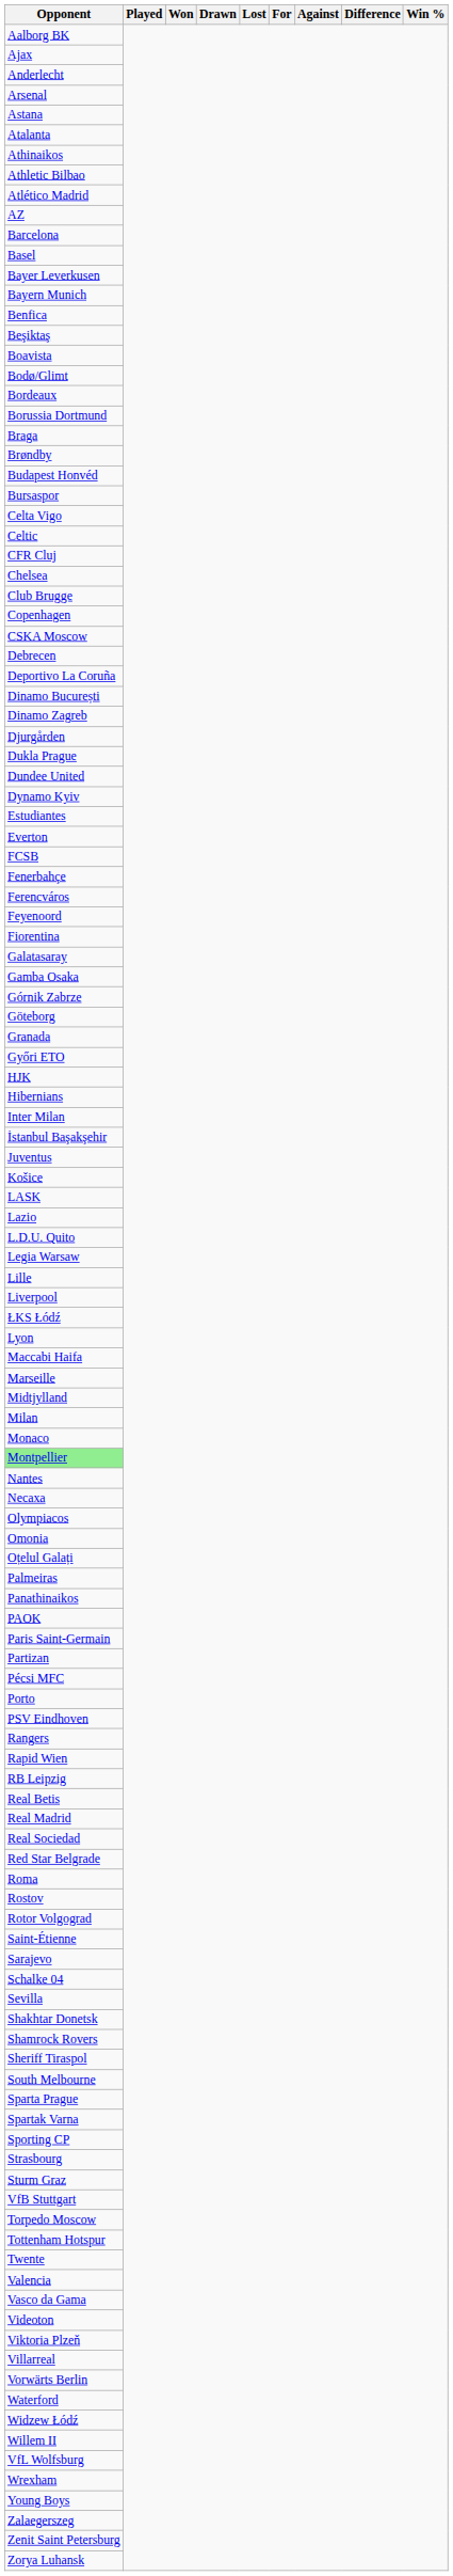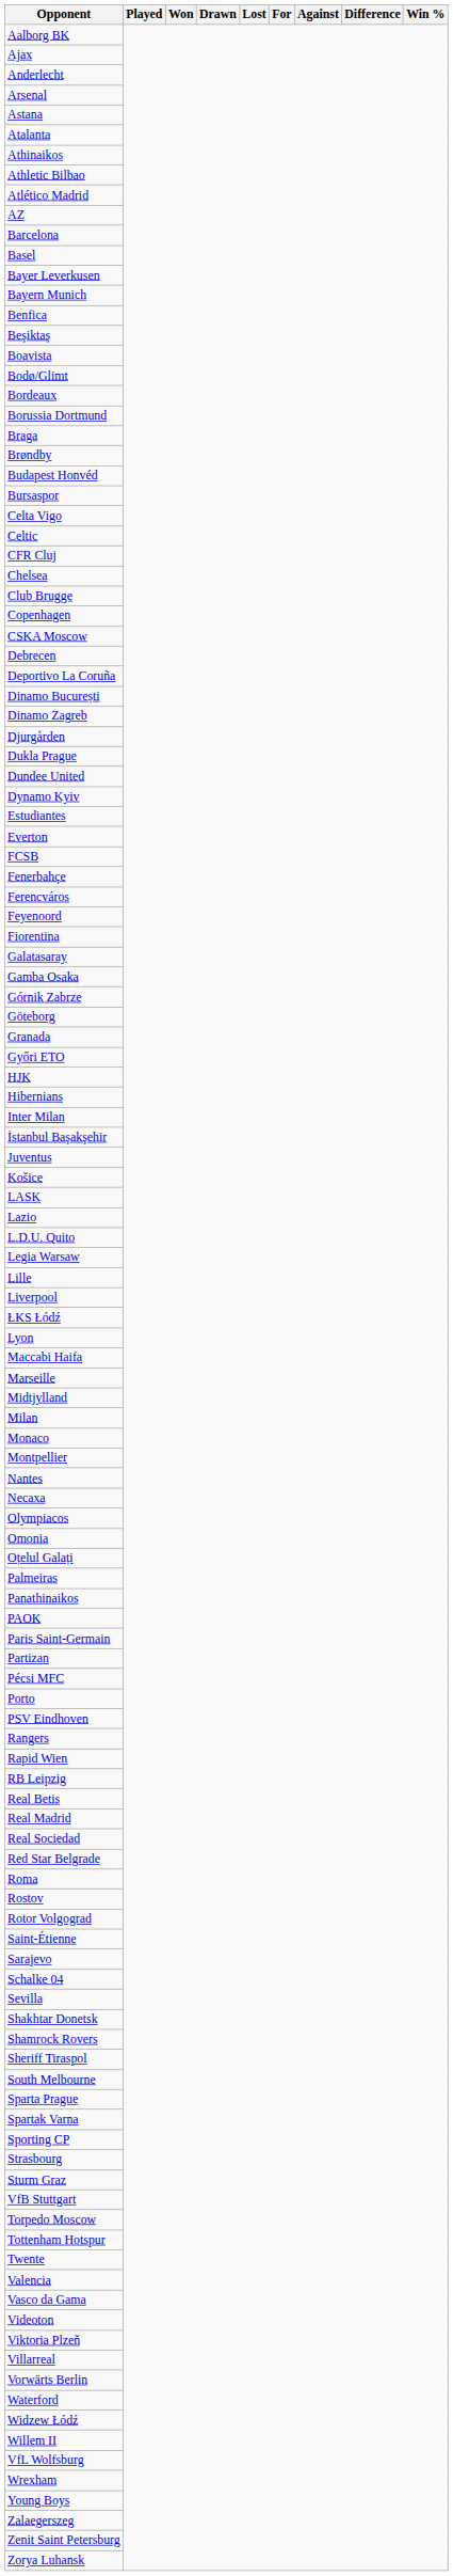 <table class="wikitable sortable" style="text-align:center">
 <tr>
 <th>Opponent</th>
 <th>Played</th>
 <th>Won</th>
 <th>Drawn</th>
 <th>Lost</th>
 <th>For</th>
 <th>Against</th>
 <th>Difference</th>
 <th>Win %</th>
 </tr>
 <tr>
 <td style="text-align:left"> <a href='#'>Aalborg BK</a><br></td>
 </tr>
 <tr>
 <td style="text-align:left"> <a href='#'>Ajax</a><br></td>
 </tr>
 <tr>
 <td style="text-align:left"> <a href='#'>Anderlecht</a><br></td>
 </tr>
 <tr>
 <td style="text-align:left"> <a href='#'>Arsenal</a><br></td>
 </tr>
 <tr>
 <td style="text-align:left"> <a href='#'>Astana</a><br></td>
 </tr>
 <tr>
 <td style="text-align:left"> <a href='#'>Atalanta</a><br></td>
 </tr>
 <tr>
 <td style="text-align:left"> <a href='#'>Athinaikos</a><br></td>
 </tr>
 <tr>
 <td style="text-align:left"> <a href='#'>Athletic Bilbao</a><br></td>
 </tr>
 <tr>
 <td style="text-align:left"> <a href='#'>Atlético Madrid</a><br></td>
 </tr>
 <tr>
 <td style="text-align:left"> <a href='#'>AZ</a><br></td>
 </tr>
 <tr>
 <td style="text-align:left"> <a href='#'>Barcelona</a><br></td>
 </tr>
 <tr>
 <td style="text-align:left"> <a href='#'>Basel</a><br></td>
 </tr>
 <tr>
 <td style="text-align:left"> <a href='#'>Bayer Leverkusen</a><br></td>
 </tr>
 <tr>
 <td style="text-align:left"> <a href='#'>Bayern Munich</a><br></td>
 </tr>
 <tr>
 <td style="text-align:left"> <a href='#'>Benfica</a><br></td>
 </tr>
 <tr>
 <td style="text-align:left"> <a href='#'>Beşiktaş</a><br></td>
 </tr>
 <tr>
 <td style="text-align:left"> <a href='#'>Boavista</a><br></td>
 </tr>
 <tr>
 <td style="text-align:left"> <a href='#'>Bodø/Glimt</a><br></td>
 </tr>
 <tr>
 <td style="text-align:left"> <a href='#'>Bordeaux</a><br></td>
 </tr>
 <tr>
 <td style="text-align:left"> <a href='#'>Borussia Dortmund</a><br></td>
 </tr>
 <tr>
 <td style="text-align:left"> <a href='#'>Braga</a><br></td>
 </tr>
 <tr>
 <td style="text-align:left"> <a href='#'>Brøndby</a><br></td>
 </tr>
 <tr>
 <td style="text-align:left"> <a href='#'>Budapest Honvéd</a><br></td>
 </tr>
 <tr>
 <td style="text-align:left"> <a href='#'>Bursaspor</a><br></td>
 </tr>
 <tr>
 <td style="text-align:left"> <a href='#'>Celta Vigo</a><br></td>
 </tr>
 <tr>
 <td style="text-align:left"> <a href='#'>Celtic</a><br></td>
 </tr>
 <tr>
 <td style="text-align:left"> <a href='#'>CFR Cluj</a><br></td>
 </tr>
 <tr>
 <td style="text-align:left"> <a href='#'>Chelsea</a><br></td>
 </tr>
 <tr>
 <td style="text-align:left"> <a href='#'>Club Brugge</a><br></td>
 </tr>
 <tr>
 <td style="text-align:left"> <a href='#'>Copenhagen</a><br></td>
 </tr>
 <tr>
 <td style="text-align:left"> <a href='#'>CSKA Moscow</a><br></td>
 </tr>
 <tr>
 <td style="text-align:left"> <a href='#'>Debrecen</a><br></td>
 </tr>
 <tr>
 <td style="text-align:left"> <a href='#'>Deportivo La Coruña</a><br></td>
 </tr>
 <tr>
 <td style="text-align:left"> <a href='#'>Dinamo București</a><br></td>
 </tr>
 <tr>
 <td style="text-align:left"> <a href='#'>Dinamo Zagreb</a><br></td>
 </tr>
 <tr>
 <td style="text-align:left"> <a href='#'>Djurgården</a><br></td>
 </tr>
 <tr>
 <td style="text-align:left"> <a href='#'>Dukla Prague</a><br></td>
 </tr>
 <tr>
 <td style="text-align:left"> <a href='#'>Dundee United</a><br></td>
 </tr>
 <tr>
 <td style="text-align:left"> <a href='#'>Dynamo Kyiv</a><br></td>
 </tr>
 <tr>
 <td style="text-align:left"> <a href='#'>Estudiantes</a><br></td>
 </tr>
 <tr>
 <td style="text-align:left"> <a href='#'>Everton</a><br></td>
 </tr>
 <tr>
 <td style="text-align:left"> <a href='#'>FCSB</a><br></td>
 </tr>
 <tr>
 <td style="text-align:left"> <a href='#'>Fenerbahçe</a><br></td>
 </tr>
 <tr>
 <td style="text-align:left"> <a href='#'>Ferencváros</a><br></td>
 </tr>
 <tr>
 <td style="text-align:left"> <a href='#'>Feyenoord</a><br></td>
 </tr>
 <tr>
 <td style="text-align:left"> <a href='#'>Fiorentina</a><br></td>
 </tr>
 <tr>
 <td style="text-align:left"> <a href='#'>Galatasaray</a><br></td>
 </tr>
 <tr>
 <td style="text-align:left"> <a href='#'>Gamba Osaka</a><br></td>
 </tr>
 <tr>
 <td style="text-align:left"> <a href='#'>Górnik Zabrze</a><br></td>
 </tr>
 <tr>
 <td style="text-align:left"> <a href='#'>Göteborg</a><br></td>
 </tr>
 <tr>
 <td style="text-align:left"> <a href='#'>Granada</a><br></td>
 </tr>
 <tr>
 <td style="text-align:left"> <a href='#'>Győri ETO</a><br></td>
 </tr>
 <tr>
 <td style="text-align:left"> <a href='#'>HJK</a><br></td>
 </tr>
 <tr>
 <td style="text-align:left"> <a href='#'>Hibernians</a><br></td>
 </tr>
 <tr>
 <td style="text-align:left"> <a href='#'>Inter Milan</a><br></td>
 </tr>
 <tr>
 <td style="text-align:left"> <a href='#'>İstanbul Başakşehir</a><br></td>
 </tr>
 <tr>
 <td style="text-align:left"> <a href='#'>Juventus</a><br></td>
 </tr>
 <tr>
 <td style="text-align:left"> <a href='#'>Košice</a><br></td>
 </tr>
 <tr>
 <td style="text-align:left"> <a href='#'>LASK</a><br></td>
 </tr>
 <tr>
 <td style="text-align:left"> <a href='#'>Lazio</a><br></td>
 </tr>
 <tr>
 <td style="text-align:left"> <a href='#'>L.D.U. Quito</a><br></td>
 </tr>
 <tr>
 <td style="text-align:left"> <a href='#'>Legia Warsaw</a><br></td>
 </tr>
 <tr>
 <td style="text-align:left"> <a href='#'>Lille</a><br></td>
 </tr>
 <tr>
 <td style="text-align:left"> <a href='#'>Liverpool</a><br></td>
 </tr>
 <tr>
 <td style="text-align:left"> <a href='#'>ŁKS Łódź</a><br></td>
 </tr>
 <tr>
 <td style="text-align:left"> <a href='#'>Lyon</a><br></td>
 </tr>
 <tr>
 <td style="text-align:left"> <a href='#'>Maccabi Haifa</a><br></td>
 </tr>
 <tr>
 <td style="text-align:left"> <a href='#'>Marseille</a><br></td>
 </tr>
 <tr>
 <td style="text-align:left"> <a href='#'>Midtjylland</a><br></td>
 </tr>
 <tr>
 <td style="text-align:left"> <a href='#'>Milan</a><br></td>
 </tr>
 <tr>
 <td style="text-align:left"> <a href='#'>Monaco</a><br></td>
 </tr>
 <tr>
-<td style="background: lightgreen; text-align:left"> <a href='#'>Montpellier</a><br></td>
+<td style="text-align:left"> <a href='#'>Montpellier</a><br></td>
 </tr>
 <tr>
 <td style="text-align:left"> <a href='#'>Nantes</a><br></td>
 </tr>
 <tr>
 <td style="text-align:left"> <a href='#'>Necaxa</a><br></td>
 </tr>
 <tr>
 <td style="text-align:left"> <a href='#'>Olympiacos</a><br></td>
 </tr>
 <tr>
 <td style="text-align:left"> <a href='#'>Omonia</a><br></td>
 </tr>
 <tr>
 <td style="text-align:left"> <a href='#'>Oțelul Galați</a><br></td>
 </tr>
 <tr>
 <td style="text-align:left"> <a href='#'>Palmeiras</a><br></td>
 </tr>
 <tr>
 <td style="text-align:left"> <a href='#'>Panathinaikos</a><br></td>
 </tr>
 <tr>
 <td style="text-align:left"> <a href='#'>PAOK</a><br></td>
 </tr>
 <tr>
 <td style="text-align:left"> <a href='#'>Paris Saint-Germain</a><br></td>
 </tr>
 <tr>
 <td style="text-align:left"> <a href='#'>Partizan</a><br></td>
 </tr>
 <tr>
 <td style="text-align:left"> <a href='#'>Pécsi MFC</a><br></td>
 </tr>
 <tr>
 <td style="text-align:left"> <a href='#'>Porto</a><br></td>
 </tr>
 <tr>
 <td style="text-align:left"> <a href='#'>PSV Eindhoven</a><br></td>
 </tr>
 <tr>
 <td style="text-align:left"> <a href='#'>Rangers</a><br></td>
 </tr>
 <tr>
 <td style="text-align:left"> <a href='#'>Rapid Wien</a><br></td>
 </tr>
 <tr>
 <td style="text-align:left"> <a href='#'>RB Leipzig</a><br></td>
 </tr>
 <tr>
 <td style="text-align:left"> <a href='#'>Real Betis</a><br></td>
 </tr>
 <tr>
 <td style="text-align:left"> <a href='#'>Real Madrid</a><br></td>
 </tr>
 <tr>
 <td style="text-align:left"> <a href='#'>Real Sociedad</a><br></td>
 </tr>
 <tr>
 <td style="text-align:left"> <a href='#'>Red Star Belgrade</a><br></td>
 </tr>
 <tr>
 <td style="text-align:left"> <a href='#'>Roma</a><br></td>
 </tr>
 <tr>
 <td style="text-align:left"> <a href='#'>Rostov</a><br></td>
 </tr>
 <tr>
 <td style="text-align:left"> <a href='#'>Rotor Volgograd</a><br></td>
 </tr>
 <tr>
 <td style="text-align:left"> <a href='#'>Saint-Étienne</a><br></td>
 </tr>
 <tr>
 <td style="text-align:left"> <a href='#'>Sarajevo</a><br></td>
 </tr>
 <tr>
 <td style="text-align:left"> <a href='#'>Schalke 04</a><br></td>
 </tr>
 <tr>
 <td style="text-align:left"> <a href='#'>Sevilla</a><br></td>
 </tr>
 <tr>
 <td style="text-align:left"> <a href='#'>Shakhtar Donetsk</a><br></td>
 </tr>
 <tr>
 <td style="text-align:left"> <a href='#'>Shamrock Rovers</a><br></td>
 </tr>
 <tr>
 <td style="text-align:left"> <a href='#'>Sheriff Tiraspol</a><br></td>
 </tr>
 <tr>
 <td style="text-align:left"> <a href='#'>South Melbourne</a><br></td>
 </tr>
 <tr>
 <td style="text-align:left"> <a href='#'>Sparta Prague</a><br></td>
 </tr>
 <tr>
 <td style="text-align:left"> <a href='#'>Spartak Varna</a><br></td>
 </tr>
 <tr>
 <td style="text-align:left"> <a href='#'>Sporting CP</a><br></td>
 </tr>
 <tr>
 <td style="text-align:left"> <a href='#'>Strasbourg</a><br></td>
 </tr>
 <tr>
 <td style="text-align:left"> <a href='#'>Sturm Graz</a><br></td>
 </tr>
 <tr>
 <td style="text-align:left"> <a href='#'>VfB Stuttgart</a><br></td>
 </tr>
 <tr>
 <td style="text-align:left"> <a href='#'>Torpedo Moscow</a><br></td>
 </tr>
 <tr>
 <td style="text-align:left"> <a href='#'>Tottenham Hotspur</a><br></td>
 </tr>
 <tr>
 <td style="text-align:left"> <a href='#'>Twente</a><br></td>
 </tr>
 <tr>
 <td style="text-align:left"> <a href='#'>Valencia</a><br></td>
 </tr>
 <tr>
 <td style="text-align:left"> <a href='#'>Vasco da Gama</a><br></td>
 </tr>
 <tr>
 <td style="text-align:left"> <a href='#'>Videoton</a><br></td>
 </tr>
 <tr>
 <td style="text-align:left"> <a href='#'>Viktoria Plzeň</a><br></td>
 </tr>
 <tr>
 <td style="text-align:left"> <a href='#'>Villarreal</a><br></td>
 </tr>
 <tr>
 <td style="text-align:left"> <a href='#'>Vorwärts Berlin</a><br></td>
 </tr>
 <tr>
 <td style="text-align:left"> <a href='#'>Waterford</a><br></td>
 </tr>
 <tr>
 <td style="text-align:left"> <a href='#'>Widzew Łódź</a><br></td>
 </tr>
 <tr>
 <td style="text-align:left"> <a href='#'>Willem II</a><br></td>
 </tr>
 <tr>
 <td style="text-align:left"> <a href='#'>VfL Wolfsburg</a><br></td>
 </tr>
 <tr>
 <td style="text-align:left"> <a href='#'>Wrexham</a><br></td>
 </tr>
 <tr>
 <td style="text-align:left"> <a href='#'>Young Boys</a><br></td>
 </tr>
 <tr>
 <td style="text-align:left"> <a href='#'>Zalaegerszeg</a><br></td>
 </tr>
 <tr>
 <td style="text-align:left"> <a href='#'>Zenit Saint Petersburg</a><br></td>
 </tr>
 <tr>
 <td style="text-align:left"> <a href='#'>Zorya Luhansk</a><br></td>
 </tr>
 </table>
